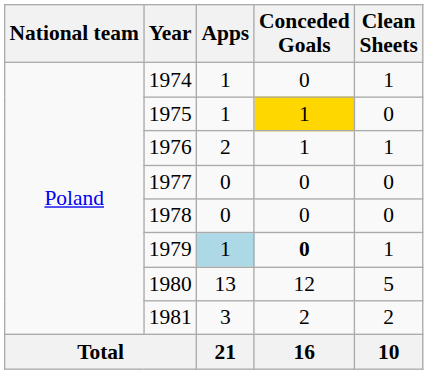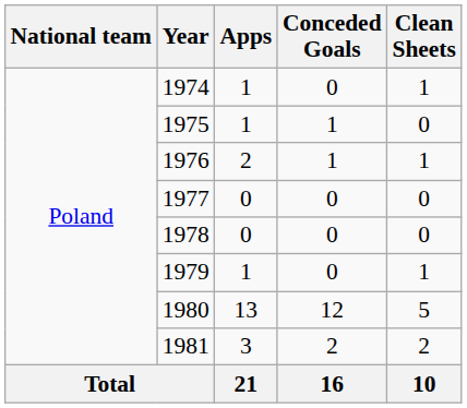 <table class="wikitable" style="text-align:center">
 <tr>
 <th>National team</th>
 <th>Year</th>
 <th>Apps</th>
 <th>Conceded<br>Goals</th>
 <th>Clean<br>Sheets</th>
 </tr>
 <tr>
 <td rowspan="8" style="vertical-align:center;"><a href='#'>Poland</a></td>
 <td>1974</td>
 <td>1</td>
 <td>0</td>
 <td>1</td>
 </tr>
 <tr>
 <td>1975</td>
 <td>1</td>
-<td style="background: gold;">1</td>
+<td>1</td>
 <td>0</td>
 </tr>
 <tr>
 <td>1976</td>
 <td>2</td>
 <td>1</td>
 <td>1</td>
 </tr>
 <tr>
 <td>1977</td>
 <td>0</td>
 <td>0</td>
 <td>0</td>
 </tr>
 <tr>
 <td>1978</td>
 <td>0</td>
 <td>0</td>
 <td>0</td>
 </tr>
 <tr>
 <td>1979</td>
-<td style="background: lightblue;">1</td>
-<td><strong>0</strong></td>
+<td>1</td>
+<td>0</td>
 <td>1</td>
 </tr>
 <tr>
 <td>1980</td>
 <td>13</td>
 <td>12</td>
 <td>5</td>
 </tr>
 <tr>
 <td>1981</td>
 <td>3</td>
 <td>2</td>
 <td>2</td>
 </tr>
 <tr>
 <th colspan="2">Total</th>
 <th>21</th>
 <th>16</th>
 <th>10</th>
 </tr>
 </table>
